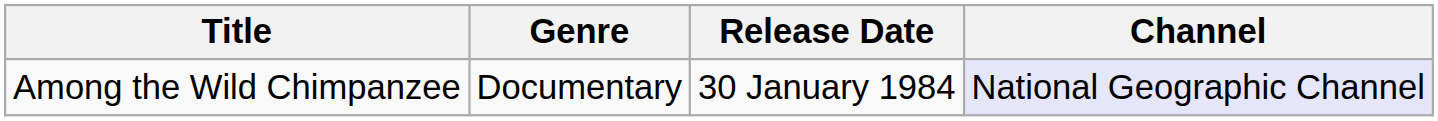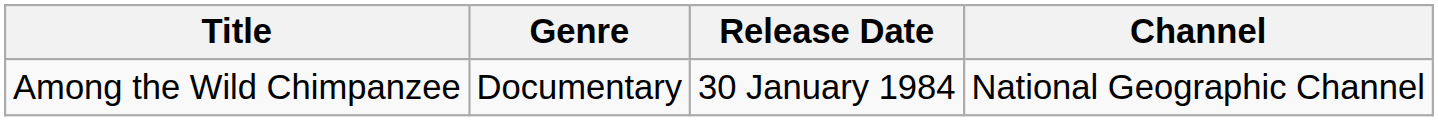 <table class="wikitable sortable">
 <tr>
 <th>Title</th>
 <th>Genre</th>
 <th>Release Date</th>
 <th>Channel</th>
 </tr>
 <tr>
 <td>Among the Wild Chimpanzee</td>
 <td rowspan="6">Documentary</td>
 <td>30 January 1984</td>
-<td style="background: lavender;">National Geographic Channel</td>
+<td>National Geographic Channel</td>
 </tr>
 </table>
